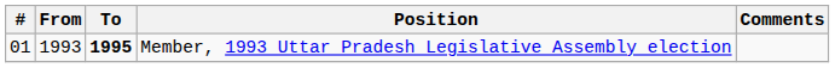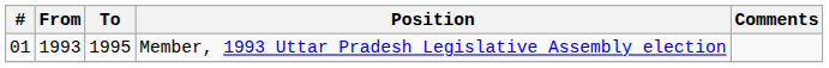 <table class="wikitable sortable">
 <tr>
 <th>#</th>
 <th>From</th>
 <th>To</th>
 <th>Position</th>
 <th>Comments</th>
 </tr>
 <tr>
 <td>01</td>
 <td>1993</td>
-<td><strong>1995</strong></td>
+<td>1995</td>
 <td>Member, <a href='#'>1993 Uttar Pradesh Legislative Assembly election</a></td>
 <td></td>
 </tr>
 <tr>
 </tr>
 </table>
